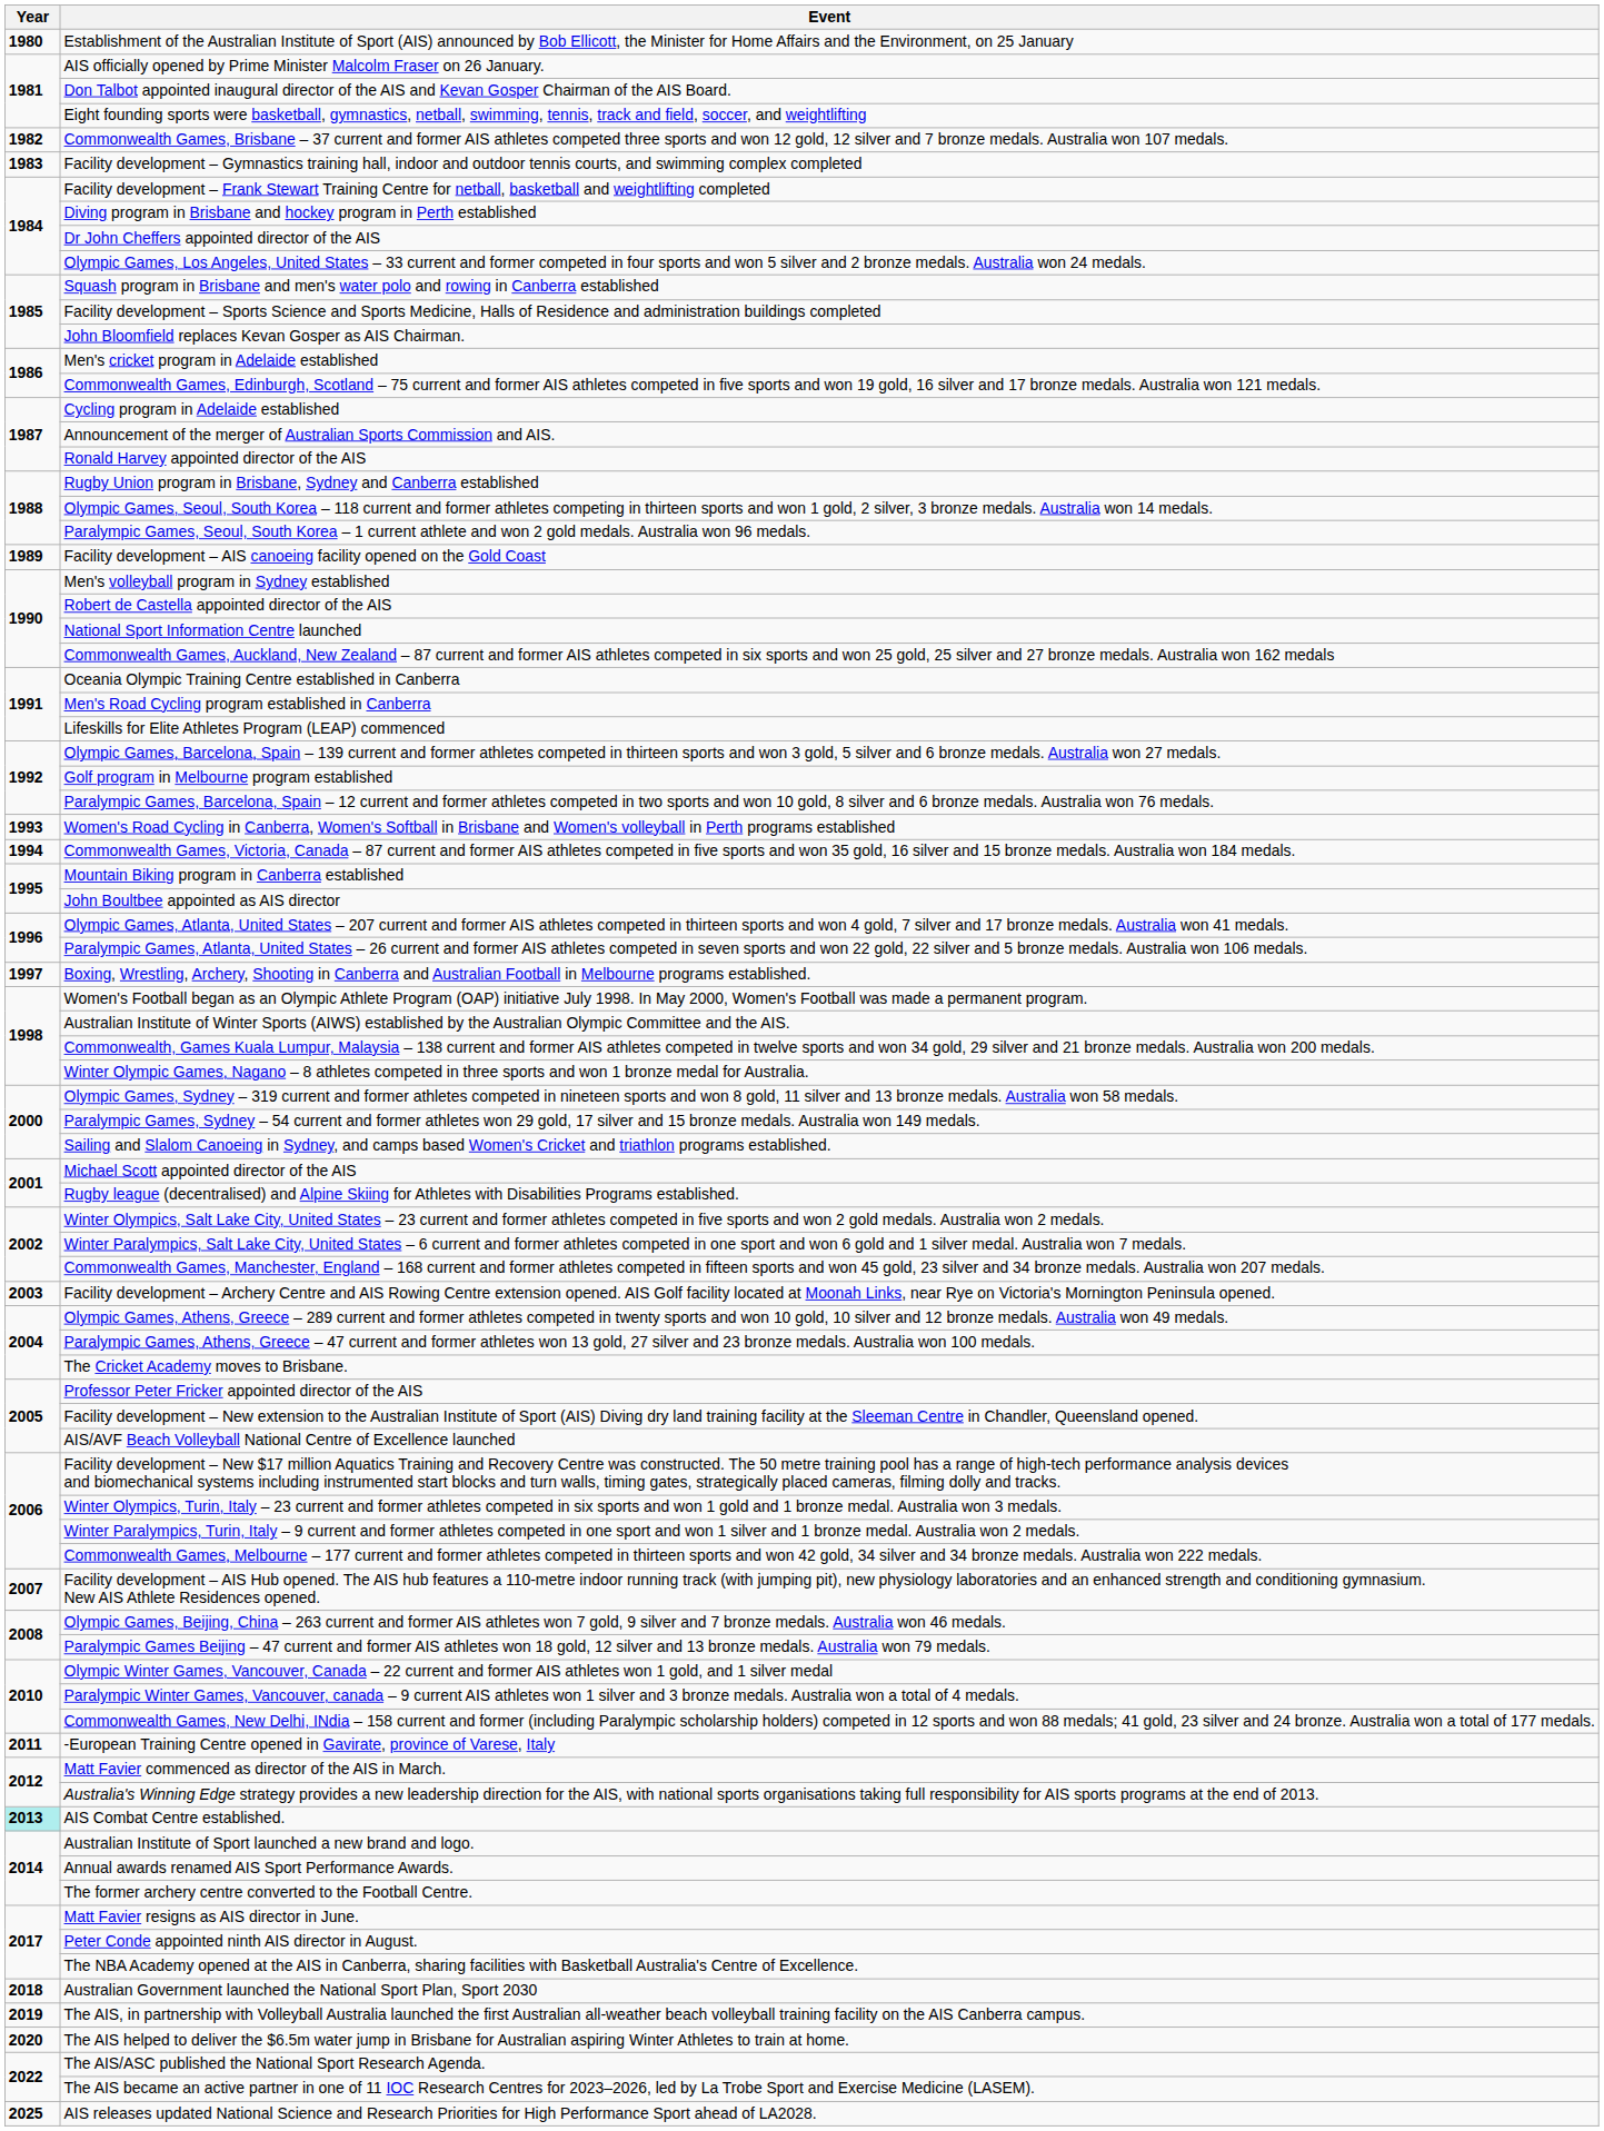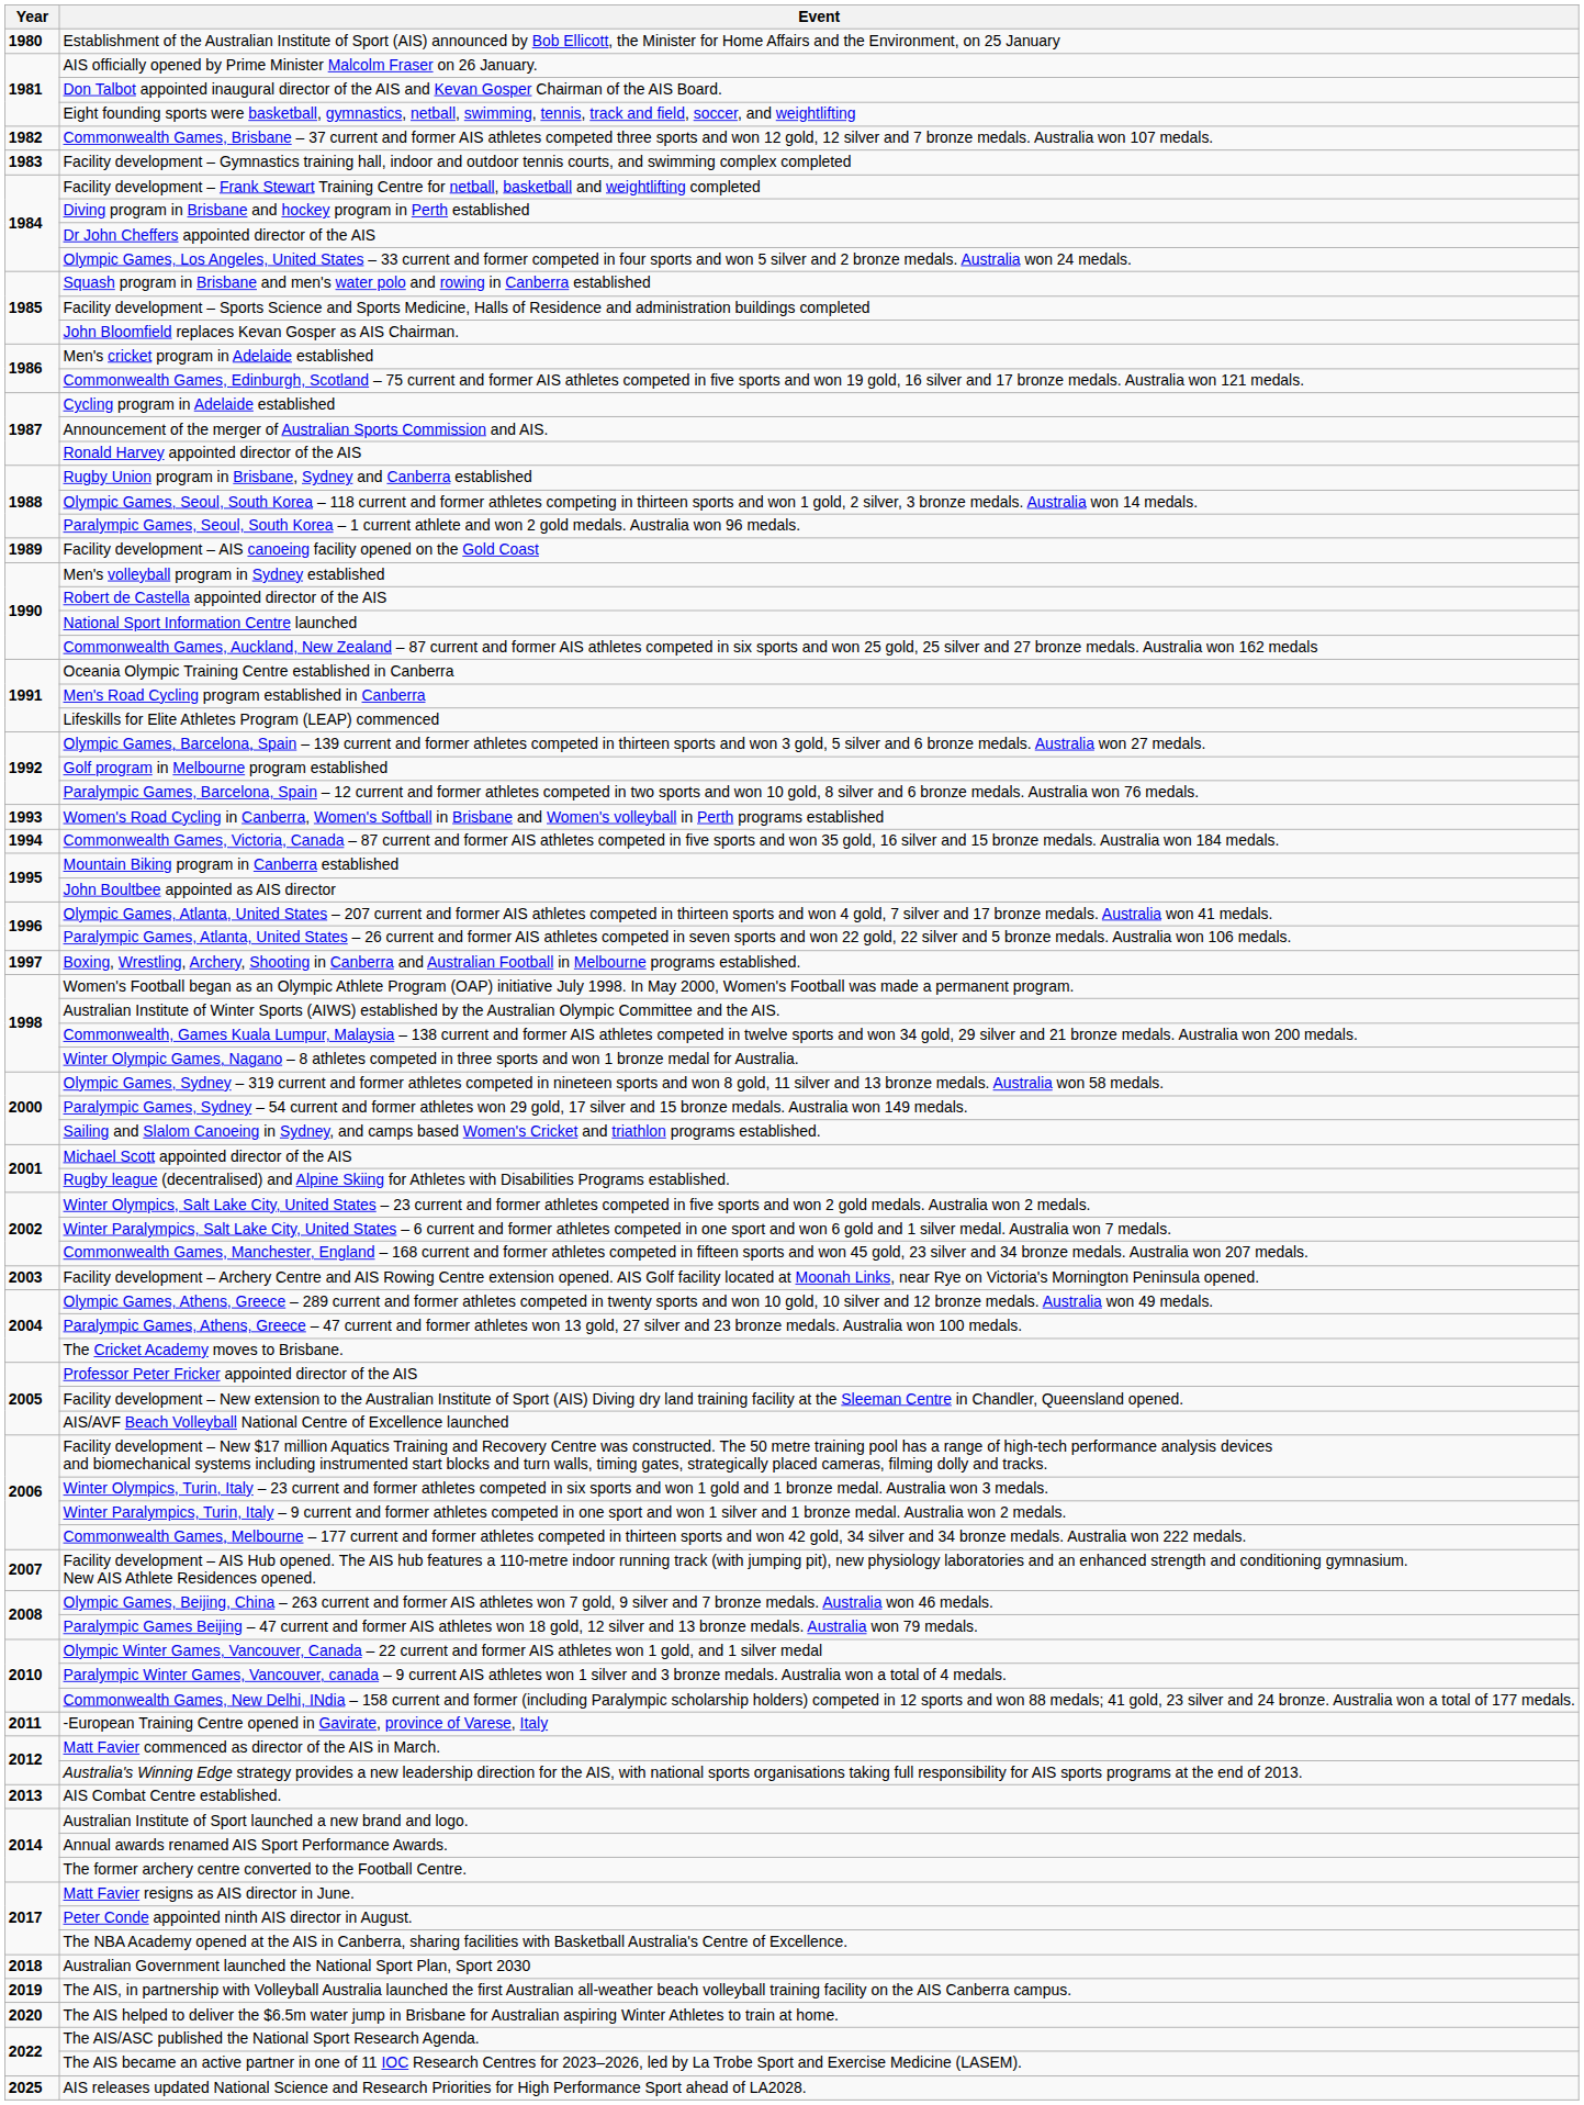 <table class="wikitable">
 <tr>
 <th Width="50">Year</th>
 <th>Event</th>
 </tr>
 <tr>
 <td rowspan="1"><strong>  1980  </strong></td>
 <td>Establishment of the Australian Institute of Sport (AIS) announced by <a href='#'>Bob Ellicott</a>, the Minister for Home Affairs and the Environment, on 25 January</td>
 </tr>
 <tr>
 <td rowspan="3"><strong>  1981  </strong></td>
 <td>AIS officially opened by Prime Minister <a href='#'>Malcolm Fraser</a> on 26 January.</td>
 </tr>
 <tr>
 <td><a href='#'>Don Talbot</a> appointed inaugural director of the AIS and <a href='#'>Kevan Gosper</a> Chairman of the AIS Board.</td>
 </tr>
 <tr>
 <td>Eight founding sports were <a href='#'>basketball</a>, <a href='#'>gymnastics</a>, <a href='#'>netball</a>, <a href='#'>swimming</a>, <a href='#'>tennis</a>, <a href='#'>track and field</a>, <a href='#'>soccer</a>, and <a href='#'>weightlifting</a></td>
 </tr>
 <tr>
 <td rowspan="1"><strong>1982</strong></td>
 <td><a href='#'>Commonwealth Games, Brisbane</a> – 37 current and former AIS athletes competed three sports and won 12 gold, 12 silver and 7 bronze medals. Australia won 107 medals.</td>
 </tr>
 <tr>
 <td rowspan="1"><strong>1983</strong></td>
 <td>Facility development – Gymnastics training hall, indoor and outdoor tennis courts, and swimming complex completed</td>
 </tr>
 <tr>
 <td rowspan="4"><strong>1984</strong></td>
 <td>Facility development – <a href='#'>Frank Stewart</a> Training Centre for <a href='#'>netball</a>, <a href='#'>basketball</a> and <a href='#'>weightlifting</a> completed</td>
 </tr>
 <tr>
 <td><a href='#'>Diving</a> program in <a href='#'>Brisbane</a> and <a href='#'>hockey</a> program in <a href='#'>Perth</a> established</td>
 </tr>
 <tr>
 <td><a href='#'>Dr John Cheffers</a> appointed director of the AIS</td>
 </tr>
 <tr>
 <td><a href='#'>Olympic Games, Los Angeles, United States</a> – 33 current and former competed in four sports and won 5 silver and 2 bronze medals. <a href='#'>Australia</a> won 24 medals.</td>
 </tr>
 <tr>
 <td rowspan="3"><strong>1985</strong></td>
 <td><a href='#'>Squash</a> program in <a href='#'>Brisbane</a> and men's <a href='#'>water polo</a> and <a href='#'>rowing</a> in <a href='#'>Canberra</a> established</td>
 </tr>
 <tr>
 <td>Facility development – Sports Science and Sports Medicine, Halls of Residence and administration buildings completed</td>
 </tr>
 <tr>
 <td><a href='#'>John Bloomfield</a> replaces Kevan Gosper as AIS Chairman.</td>
 </tr>
 <tr>
 <td rowspan="2"><strong>1986</strong></td>
 <td>Men's <a href='#'>cricket</a> program in <a href='#'>Adelaide</a> established</td>
 </tr>
 <tr>
 <td><a href='#'>Commonwealth Games, Edinburgh, Scotland</a> – 75 current and former AIS athletes competed in five sports and won 19 gold, 16 silver and 17 bronze medals.  Australia won 121 medals.</td>
 </tr>
 <tr>
 <td rowspan="3"><strong>1987</strong></td>
 <td><a href='#'>Cycling</a> program in <a href='#'>Adelaide</a> established</td>
 </tr>
 <tr>
 <td>Announcement of the merger of <a href='#'>Australian Sports Commission</a> and AIS.</td>
 </tr>
 <tr>
 <td><a href='#'>Ronald Harvey</a> appointed director of the AIS</td>
 </tr>
 <tr>
 <td rowspan="3"><strong>1988</strong></td>
 <td><a href='#'>Rugby Union</a> program in <a href='#'>Brisbane</a>, <a href='#'>Sydney</a> and <a href='#'>Canberra</a> established</td>
 </tr>
 <tr>
 <td><a href='#'>Olympic Games, Seoul, South Korea</a> – 118 current and former athletes competing in thirteen sports and won 1 gold, 2 silver, 3 bronze medals. <a href='#'>Australia</a> won 14 medals.</td>
 </tr>
 <tr>
 <td><a href='#'>Paralympic Games, Seoul, South Korea</a> – 1 current athlete and won 2 gold medals. Australia won 96 medals.</td>
 </tr>
 <tr>
 <td><strong>1989</strong></td>
 <td>Facility development – AIS <a href='#'>canoeing</a> facility opened on the <a href='#'>Gold Coast</a></td>
 </tr>
 <tr>
 <td rowspan="4"><strong>1990</strong></td>
 <td>Men's <a href='#'>volleyball</a> program in <a href='#'>Sydney</a> established</td>
 </tr>
 <tr>
 <td><a href='#'>Robert de Castella</a> appointed director of the AIS</td>
 </tr>
 <tr>
 <td><a href='#'>National Sport Information Centre</a> launched</td>
 </tr>
 <tr>
 <td><a href='#'>Commonwealth Games, Auckland, New Zealand</a> – 87 current and former AIS athletes competed in six sports and won 25 gold, 25 silver and 27 bronze medals. Australia won 162 medals</td>
 </tr>
 <tr>
 <td rowspan="3"><strong>1991</strong></td>
 <td>Oceania Olympic Training Centre established in Canberra</td>
 </tr>
 <tr>
 <td><a href='#'>Men's Road Cycling</a> program established in <a href='#'>Canberra</a></td>
 </tr>
 <tr>
 <td>Lifeskills for Elite Athletes Program (LEAP) commenced</td>
 </tr>
 <tr>
 <td rowspan="3"><strong>1992</strong></td>
 <td><a href='#'>Olympic Games, Barcelona, Spain</a> – 139 current and former athletes competed in thirteen sports and won 3 gold, 5 silver and 6 bronze medals. <a href='#'>Australia</a> won 27 medals.</td>
 </tr>
 <tr>
 <td><a href='#'>Golf program</a> in <a href='#'>Melbourne</a> program established</td>
 </tr>
 <tr>
 <td><a href='#'>Paralympic Games, Barcelona, Spain</a> – 12 current and former athletes competed in two sports and won 10 gold, 8 silver and 6 bronze medals. Australia won 76 medals.</td>
 </tr>
 <tr>
 <td><strong>1993</strong></td>
 <td><a href='#'>Women's Road Cycling</a> in <a href='#'>Canberra</a>, <a href='#'>Women's Softball</a> in <a href='#'>Brisbane</a> and <a href='#'>Women's volleyball</a> in <a href='#'>Perth</a> programs established</td>
 </tr>
 <tr>
 <td><strong>1994</strong></td>
 <td><a href='#'>Commonwealth Games, Victoria, Canada</a> – 87 current and former AIS athletes competed in five sports and won 35 gold, 16 silver and 15 bronze medals. Australia won 184 medals.</td>
 </tr>
 <tr>
 <td rowspan="2"><strong>1995</strong></td>
 <td><a href='#'>Mountain Biking</a> program in <a href='#'>Canberra</a> established</td>
 </tr>
 <tr>
 <td><a href='#'>John Boultbee</a> appointed as AIS director</td>
 </tr>
 <tr>
 <td rowspan="2"><strong>1996</strong></td>
 <td><a href='#'>Olympic Games, Atlanta, United States</a> – 207 current and former AIS athletes competed in thirteen sports and won 4 gold, 7 silver and 17 bronze medals. <a href='#'>Australia</a> won 41 medals.</td>
 </tr>
 <tr>
 <td><a href='#'>Paralympic Games, Atlanta, United States</a> – 26 current and former AIS athletes competed in seven sports and won 22 gold, 22 silver and 5 bronze medals. Australia won 106 medals.</td>
 </tr>
 <tr>
 <td><strong>1997</strong></td>
 <td><a href='#'>Boxing</a>, <a href='#'>Wrestling</a>, <a href='#'>Archery</a>, <a href='#'>Shooting</a> in <a href='#'>Canberra</a> and <a href='#'>Australian Football</a> in <a href='#'>Melbourne</a> programs established.</td>
 </tr>
 <tr>
 <td rowspan="4"><strong>1998</strong></td>
 <td>Women's Football began as an Olympic Athlete Program (OAP) initiative July 1998. In May 2000, Women's Football was made a permanent program.</td>
 </tr>
 <tr>
 <td>Australian Institute of Winter Sports (AIWS) established by the Australian Olympic Committee and the AIS.</td>
 </tr>
 <tr>
 <td><a href='#'>Commonwealth, Games Kuala Lumpur, Malaysia</a> – 138 current and former AIS athletes competed in twelve sports and won 34 gold, 29 silver and 21 bronze medals. Australia won 200 medals.</td>
 </tr>
 <tr>
 <td><a href='#'>Winter Olympic Games, Nagano</a> – 8 athletes competed in three sports and won 1 bronze medal for Australia.</td>
 </tr>
 <tr>
 <td rowspan="3"><strong>2000</strong></td>
 <td><a href='#'>Olympic Games, Sydney</a> – 319 current and former athletes competed in nineteen sports and won 8 gold, 11 silver and 13 bronze medals.  <a href='#'>Australia</a> won 58 medals.</td>
 </tr>
 <tr>
 <td><a href='#'>Paralympic Games, Sydney</a> – 54 current and former athletes won 29 gold, 17 silver and 15 bronze medals. Australia won 149 medals.</td>
 </tr>
 <tr>
 <td><a href='#'>Sailing</a> and <a href='#'>Slalom Canoeing</a> in <a href='#'>Sydney</a>, and camps based <a href='#'>Women's Cricket</a> and <a href='#'>triathlon</a> programs established.</td>
 </tr>
 <tr>
 <td rowspan="2"><strong>2001</strong></td>
 <td><a href='#'>Michael Scott</a> appointed director of the AIS</td>
 </tr>
 <tr>
 <td><a href='#'>Rugby league</a> (decentralised) and <a href='#'>Alpine Skiing</a> for Athletes with Disabilities Programs established.</td>
 </tr>
 <tr>
 <td rowspan="3"><strong>2002</strong></td>
 <td><a href='#'>Winter Olympics, Salt Lake City, United States</a> – 23 current and former athletes competed in five sports and won 2 gold medals. Australia won 2 medals.</td>
 </tr>
 <tr>
 <td><a href='#'>Winter Paralympics, Salt Lake City, United States</a> – 6 current and former athletes competed in one sport and won 6 gold and 1 silver medal. Australia won 7 medals.</td>
 </tr>
 <tr>
 <td><a href='#'>Commonwealth Games, Manchester, England</a> – 168 current and former athletes competed in fifteen sports and won 45 gold, 23 silver and 34 bronze medals. Australia won 207 medals.</td>
 </tr>
 <tr>
 <td><strong>2003</strong></td>
 <td>Facility development – Archery Centre and AIS Rowing Centre extension opened. AIS Golf facility located at <a href='#'>Moonah Links</a>, near Rye on Victoria's Mornington Peninsula opened.</td>
 </tr>
 <tr>
 <td rowspan="3"><strong>2004</strong></td>
 <td><a href='#'>Olympic Games, Athens, Greece</a> – 289 current and former athletes competed in twenty sports and won 10 gold, 10 silver and 12 bronze medals. <a href='#'>Australia</a> won 49 medals.</td>
 </tr>
 <tr>
 <td><a href='#'>Paralympic Games, Athens, Greece</a> – 47 current and former athletes won 13 gold, 27 silver and 23 bronze medals. Australia won 100 medals.</td>
 </tr>
 <tr>
 <td>The <a href='#'>Cricket Academy</a> moves to Brisbane.</td>
 </tr>
 <tr>
 <td rowspan="3"><strong>2005</strong></td>
 <td><a href='#'>Professor Peter Fricker</a> appointed director of the AIS</td>
 </tr>
 <tr>
 <td>Facility development – New extension to the Australian Institute of Sport (AIS) Diving dry land training facility at the <a href='#'>Sleeman Centre</a> in Chandler, Queensland opened.</td>
 </tr>
 <tr>
 <td>AIS/AVF <a href='#'>Beach Volleyball</a> National Centre of Excellence launched</td>
 </tr>
 <tr>
 <td rowspan="4"><strong>2006</strong></td>
 <td>Facility development – New $17 million Aquatics Training and Recovery Centre was constructed. The 50 metre training pool has a range of high-tech performance analysis devices <br> and biomechanical systems including instrumented start blocks and turn walls, timing gates, strategically placed cameras, filming dolly and tracks.</td>
 </tr>
 <tr>
 <td><a href='#'>Winter Olympics, Turin, Italy</a> – 23 current and former athletes competed in six sports and won 1 gold and 1 bronze medal. Australia won 3 medals.</td>
 </tr>
 <tr>
 <td><a href='#'>Winter Paralympics, Turin, Italy</a> – 9 current and former athletes competed in one sport and won 1 silver and 1 bronze medal. Australia won 2 medals.</td>
 </tr>
 <tr>
 <td><a href='#'>Commonwealth Games, Melbourne</a> – 177 current and former athletes competed in thirteen sports and won 42 gold, 34 silver and 34 bronze medals. Australia won 222 medals.</td>
 </tr>
 <tr>
 <td><strong>2007</strong></td>
 <td>Facility development – AIS Hub opened. The AIS hub features a 110-metre indoor running track (with jumping pit), new physiology laboratories and an enhanced strength and conditioning gymnasium. <br>New AIS Athlete Residences opened.</td>
 </tr>
 <tr>
 <td rowspan="2"><strong>2008</strong></td>
 <td><a href='#'>Olympic Games, Beijing, China</a> – 263 current and former AIS athletes won 7 gold, 9 silver and 7 bronze medals. <a href='#'>Australia</a> won 46 medals.</td>
 </tr>
 <tr>
 <td><a href='#'>Paralympic Games Beijing</a> – 47 current and former AIS athletes won 18 gold, 12 silver and 13 bronze medals. <a href='#'>Australia</a> won 79 medals.</td>
 </tr>
 <tr>
 <td rowspan="3"><strong>2010</strong></td>
 <td><a href='#'>Olympic Winter Games, Vancouver, Canada</a> – 22 current and former AIS athletes won 1 gold, and 1 silver medal</td>
 </tr>
 <tr>
 <td><a href='#'>Paralympic Winter Games, Vancouver, canada</a> – 9 current AIS athletes won 1 silver and 3 bronze medals. Australia won a total of 4 medals.</td>
 </tr>
 <tr>
 <td><a href='#'>Commonwealth Games, New Delhi, INdia</a> – 158 current and former (including Paralympic scholarship holders) competed in 12 sports and won 88 medals; 41 gold, 23 silver and 24 bronze. Australia won a total of 177 medals.</td>
 </tr>
 <tr>
 <td><strong>2011</strong></td>
 <td Facility development>-European Training Centre opened in <a href='#'>Gavirate</a>, <a href='#'>province of Varese</a>, <a href='#'>Italy</a></td>
 </tr>
 <tr>
 <td rowspan="2"><strong>2012</strong></td>
 <td><a href='#'>Matt Favier</a> commenced as director of the AIS in March.</td>
 </tr>
 <tr>
 <td><em>Australia's Winning Edge</em> strategy provides a new leadership direction for the AIS, with national sports organisations taking full responsibility for AIS sports programs at the end of 2013.</td>
 </tr>
 <tr>
-<td style="background: paleturquoise;"><strong>2013</strong></td>
+<td><strong>2013</strong></td>
 <td>AIS Combat Centre established.</td>
 </tr>
 <tr>
 <td rowspan="3"><strong>2014</strong></td>
 <td>Australian Institute of Sport launched a new brand and logo.</td>
 </tr>
 <tr>
 <td>Annual awards renamed AIS Sport Performance Awards.</td>
 </tr>
 <tr>
 <td>The former archery centre converted to the Football Centre.</td>
 </tr>
 <tr>
 <td rowspan="3"><strong>2017</strong></td>
 <td><a href='#'>Matt Favier</a> resigns as AIS director in June.</td>
 </tr>
 <tr>
 <td><a href='#'>Peter Conde</a> appointed ninth AIS director in August.</td>
 </tr>
 <tr>
 <td>The NBA Academy opened at the AIS in Canberra, sharing facilities with Basketball Australia's Centre of Excellence.</td>
 </tr>
 <tr>
 <td><strong>2018</strong></td>
 <td>Australian Government launched the National Sport Plan, Sport 2030</td>
 </tr>
 <tr>
 <td><strong>2019</strong></td>
 <td>The AIS, in partnership with Volleyball Australia launched the first Australian all-weather beach volleyball training facility on the AIS Canberra campus.</td>
 </tr>
 <tr>
 <td><strong>2020</strong></td>
 <td>The AIS helped to deliver the $6.5m water jump in Brisbane for Australian aspiring Winter Athletes to train at home.</td>
 </tr>
 <tr>
 <td rowspan="2"><strong>2022</strong></td>
 <td>The AIS/ASC published the National Sport Research Agenda.</td>
 </tr>
 <tr>
 <td>The AIS became an active partner in one of 11 <a href='#'>IOC</a> Research Centres for 2023–2026, led by La Trobe Sport and Exercise Medicine (LASEM).</td>
 </tr>
 <tr>
 <td><strong>2025</strong></td>
 <td>AIS releases updated National Science and Research Priorities for High Performance Sport ahead of LA2028.</td>
 </tr>
 </table>
